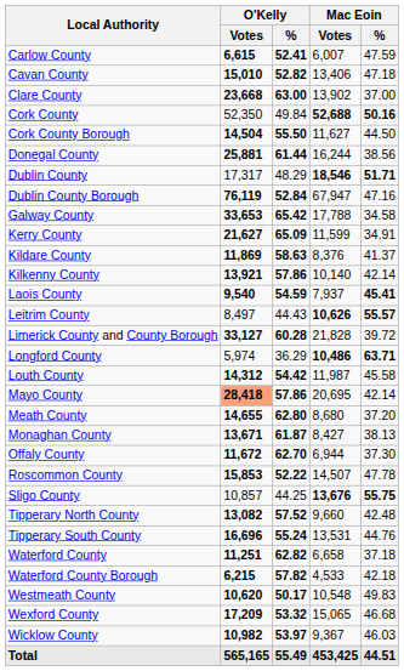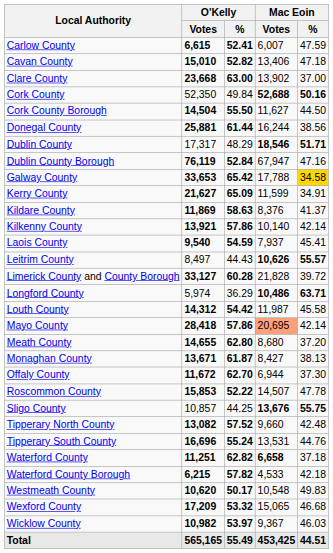 <table class="wikitable sortable collapsed">
 <tr>
 <th rowspan="2">Local Authority</th>
 <th colspan=2>O'Kelly</th>
 <th colspan=2>Mac Eoin</th>
 </tr>
 <tr>
 <th>Votes</th>
 <th>%</th>
 <th>Votes</th>
 <th>%</th>
 </tr>
 <tr>
 <td><a href='#'>Carlow County</a></td>
 <td><strong>6,615</strong></td>
 <td><strong>52.41</strong></td>
 <td>6,007</td>
 <td>47.59</td>
 </tr>
 <tr>
 <td><a href='#'>Cavan County</a></td>
 <td><strong>15,010</strong></td>
 <td><strong>52.82</strong></td>
 <td>13,406</td>
 <td>47.18</td>
 </tr>
 <tr>
 <td><a href='#'>Clare County</a></td>
 <td><strong>23,668</strong></td>
 <td><strong>63.00</strong></td>
 <td>13,902</td>
 <td>37.00</td>
 </tr>
 <tr>
 <td><a href='#'>Cork County</a></td>
 <td>52,350</td>
 <td>49.84</td>
 <td><strong>52,688</strong></td>
 <td><strong>50.16</strong></td>
 </tr>
 <tr>
 <td><a href='#'>Cork County Borough</a></td>
 <td><strong>14,504</strong></td>
 <td><strong>55.50</strong></td>
 <td>11,627</td>
 <td>44.50</td>
 </tr>
 <tr>
 <td><a href='#'>Donegal County</a></td>
 <td><strong>25,881</strong></td>
 <td><strong>61.44</strong></td>
 <td>16,244</td>
 <td>38.56</td>
 </tr>
 <tr>
 <td><a href='#'>Dublin County</a></td>
 <td>17,317</td>
 <td>48.29</td>
 <td><strong>18,546</strong></td>
 <td><strong>51.71</strong></td>
 </tr>
 <tr>
 <td><a href='#'>Dublin County Borough</a></td>
 <td><strong>76,119</strong></td>
 <td><strong>52.84</strong></td>
 <td>67,947</td>
 <td>47.16</td>
 </tr>
 <tr>
 <td><a href='#'>Galway County</a></td>
 <td><strong>33,653</strong></td>
 <td><strong>65.42</strong></td>
 <td>17,788</td>
-<td>34.58</td>
+<td style="background: gold;">34.58</td>
 </tr>
 <tr>
 <td><a href='#'>Kerry County</a></td>
 <td><strong>21,627</strong></td>
 <td><strong>65.09</strong></td>
 <td>11,599</td>
 <td>34.91</td>
 </tr>
 <tr>
 <td><a href='#'>Kildare County</a></td>
 <td><strong>11,869</strong></td>
 <td><strong>58.63</strong></td>
 <td>8,376</td>
 <td>41.37</td>
 </tr>
 <tr>
 <td><a href='#'>Kilkenny County</a></td>
 <td><strong>13,921</strong></td>
 <td><strong>57.86</strong></td>
 <td>10,140</td>
 <td>42.14</td>
 </tr>
 <tr>
 <td><a href='#'>Laois County</a></td>
 <td><strong>9,540</strong></td>
 <td><strong>54.59</strong></td>
 <td>7,937</td>
-<td><strong>45.41</strong></td>
+<td>45.41</td>
 </tr>
 <tr>
 <td><a href='#'>Leitrim County</a></td>
 <td>8,497</td>
 <td>44.43</td>
 <td><strong>10,626</strong></td>
 <td><strong>55.57</strong></td>
 </tr>
 <tr>
 <td><a href='#'>Limerick County</a> and <a href='#'>County Borough</a></td>
 <td><strong>33,127</strong></td>
 <td><strong>60.28</strong></td>
 <td>21,828</td>
 <td>39.72</td>
 </tr>
 <tr>
 <td><a href='#'>Longford County</a></td>
 <td>5,974</td>
 <td>36.29</td>
 <td><strong>10,486</strong></td>
 <td><strong>63.71</strong></td>
 </tr>
 <tr>
 <td><a href='#'>Louth County</a></td>
 <td><strong>14,312</strong></td>
 <td><strong>54.42</strong></td>
 <td>11,987</td>
 <td>45.58</td>
 </tr>
 <tr>
 <td><a href='#'>Mayo County</a></td>
-<td style="background: lightsalmon;"><strong>28,418</strong></td>
+<td><strong>28,418</strong></td>
 <td><strong>57.86</strong></td>
-<td>20,695</td>
+<td style="background: lightsalmon;">20,695</td>
 <td>42.14</td>
 </tr>
 <tr>
 <td><a href='#'>Meath County</a></td>
 <td><strong>14,655</strong></td>
 <td><strong>62.80</strong></td>
 <td>8,680</td>
 <td>37.20</td>
 </tr>
 <tr>
 <td><a href='#'>Monaghan County</a></td>
 <td><strong>13,671</strong></td>
 <td><strong>61.87</strong></td>
 <td>8,427</td>
 <td>38.13</td>
 </tr>
 <tr>
 <td><a href='#'>Offaly County</a></td>
 <td><strong>11,672</strong></td>
 <td><strong>62.70</strong></td>
 <td>6,944</td>
 <td>37.30</td>
 </tr>
 <tr>
 <td><a href='#'>Roscommon County</a></td>
 <td><strong>15,853</strong></td>
 <td><strong>52.22</strong></td>
 <td>14,507</td>
 <td>47.78</td>
 </tr>
 <tr>
 <td><a href='#'>Sligo County</a></td>
 <td>10,857</td>
 <td>44.25</td>
 <td><strong>13,676</strong></td>
 <td><strong>55.75</strong></td>
 </tr>
 <tr>
 <td><a href='#'>Tipperary North County</a></td>
 <td><strong>13,082</strong></td>
 <td><strong>57.52</strong></td>
 <td>9,660</td>
 <td>42.48</td>
 </tr>
 <tr>
 <td><a href='#'>Tipperary South County</a></td>
 <td><strong>16,696</strong></td>
 <td><strong>55.24</strong></td>
 <td>13,531</td>
 <td>44.76</td>
 </tr>
 <tr>
 <td><a href='#'>Waterford County</a></td>
 <td><strong>11,251</strong></td>
 <td><strong>62.82</strong></td>
-<td>6,658</td>
+<td><strong>6,658</strong></td>
 <td>37.18</td>
 </tr>
 <tr>
 <td><a href='#'>Waterford County Borough</a></td>
 <td><strong>6,215</strong></td>
 <td><strong>57.82</strong></td>
 <td>4,533</td>
 <td>42.18</td>
 </tr>
 <tr>
 <td><a href='#'>Westmeath County</a></td>
 <td><strong>10,620</strong></td>
 <td><strong>50.17</strong></td>
 <td>10,548</td>
 <td>49.83</td>
 </tr>
 <tr>
 <td><a href='#'>Wexford County</a></td>
 <td><strong>17,209</strong></td>
 <td><strong>53.32</strong></td>
 <td>15,065</td>
 <td>46.68</td>
 </tr>
 <tr>
 <td><a href='#'>Wicklow County</a></td>
 <td><strong>10,982</strong></td>
 <td><strong>53.97</strong></td>
 <td>9,367</td>
 <td>46.03</td>
 </tr>
 <tr class="sortbottom" style="font-weight:bold; background:rgb(232,232,232);">
 <td>Total</td>
 <td>565,165</td>
 <td>55.49</td>
 <td>453,425</td>
 <td>44.51</td>
 </tr>
 </table>
